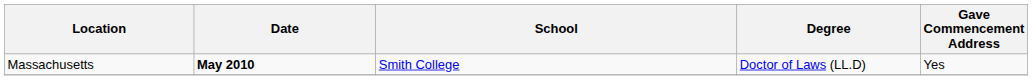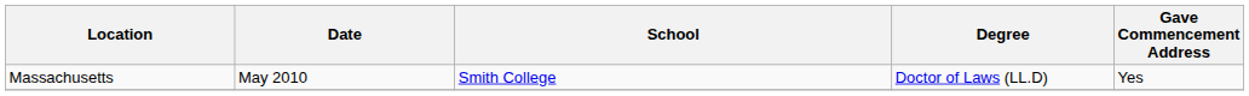 <table class="wikitable" style="width:100%;">
 <tr>
 <th style="width:20%;">Location</th>
 <th style="width:20%;">Date</th>
 <th style="width:40%;">School</th>
 <th style="width:20%;">Degree</th>
 <th style="width:20%;">Gave Commencement Address</th>
 </tr>
 <tr>
 <td>Massachusetts</td>
-<td><strong>May 2010</strong></td>
+<td>May 2010</td>
 <td><a href='#'>Smith College</a></td>
 <td><a href='#'>Doctor of Laws</a> (LL.D)</td>
 <td>Yes</td>
 </tr>
 <tr>
 </tr>
 </table>
